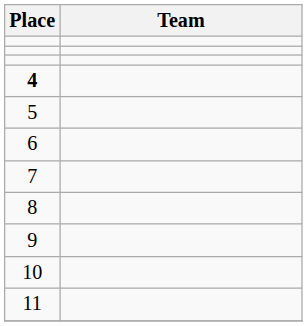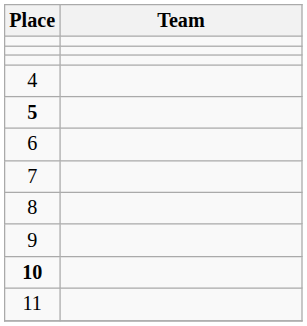 <table class=wikitable style=text-align:center>
 <tr>
 <th width=35>Place</th>
 <th width=185>Team</th>
 </tr>
 <tr>
 <td></td>
 <td style="text-align:left;"></td>
 </tr>
 <tr>
 <td></td>
 <td style="text-align:left;"></td>
 </tr>
 <tr>
 <td></td>
 <td style="text-align:left;"></td>
 </tr>
 <tr>
-<td><strong>4</strong></td>
+<td>4</td>
 <td style="text-align:left;"></td>
 </tr>
 <tr>
-<td>5</td>
+<td><strong>5</strong></td>
 <td style="text-align:left;"></td>
 </tr>
 <tr>
 <td>6</td>
 <td style="text-align:left;"></td>
 </tr>
 <tr>
 <td>7</td>
 <td style="text-align:left;"></td>
 </tr>
 <tr>
 <td>8</td>
 <td style="text-align:left;"></td>
 </tr>
 <tr>
 <td>9</td>
 <td style="text-align:left;"></td>
 </tr>
 <tr>
-<td>10</td>
+<td><strong>10</strong></td>
 <td style="text-align:left;"></td>
 </tr>
 <tr>
 <td>11</td>
 <td style="text-align:left;"></td>
 </tr>
 <tr>
 </tr>
 </table>
